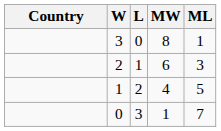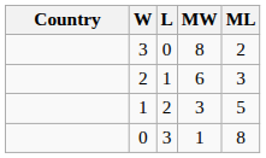 <table class="wikitable sortable" style="text-align:center">
 <tr>
 <th width=100>Country</th>
 <th>W</th>
 <th>L</th>
 <th>MW</th>
 <th>ML</th>
 </tr>
 <tr>
 <td align=left><strong></strong></td>
 <td>3</td>
 <td>0</td>
 <td>8</td>
-<td>1</td>
+<td>2</td>
 </tr>
 <tr>
 <td align=left></td>
 <td>2</td>
 <td>1</td>
 <td>6</td>
 <td>3</td>
 </tr>
 <tr>
 <td align=left></td>
 <td>1</td>
 <td>2</td>
-<td>4</td>
+<td>3</td>
 <td>5</td>
 </tr>
 <tr>
 <td align=left></td>
 <td>0</td>
 <td>3</td>
 <td>1</td>
-<td>7</td>
+<td>8</td>
 </tr>
 </table>
